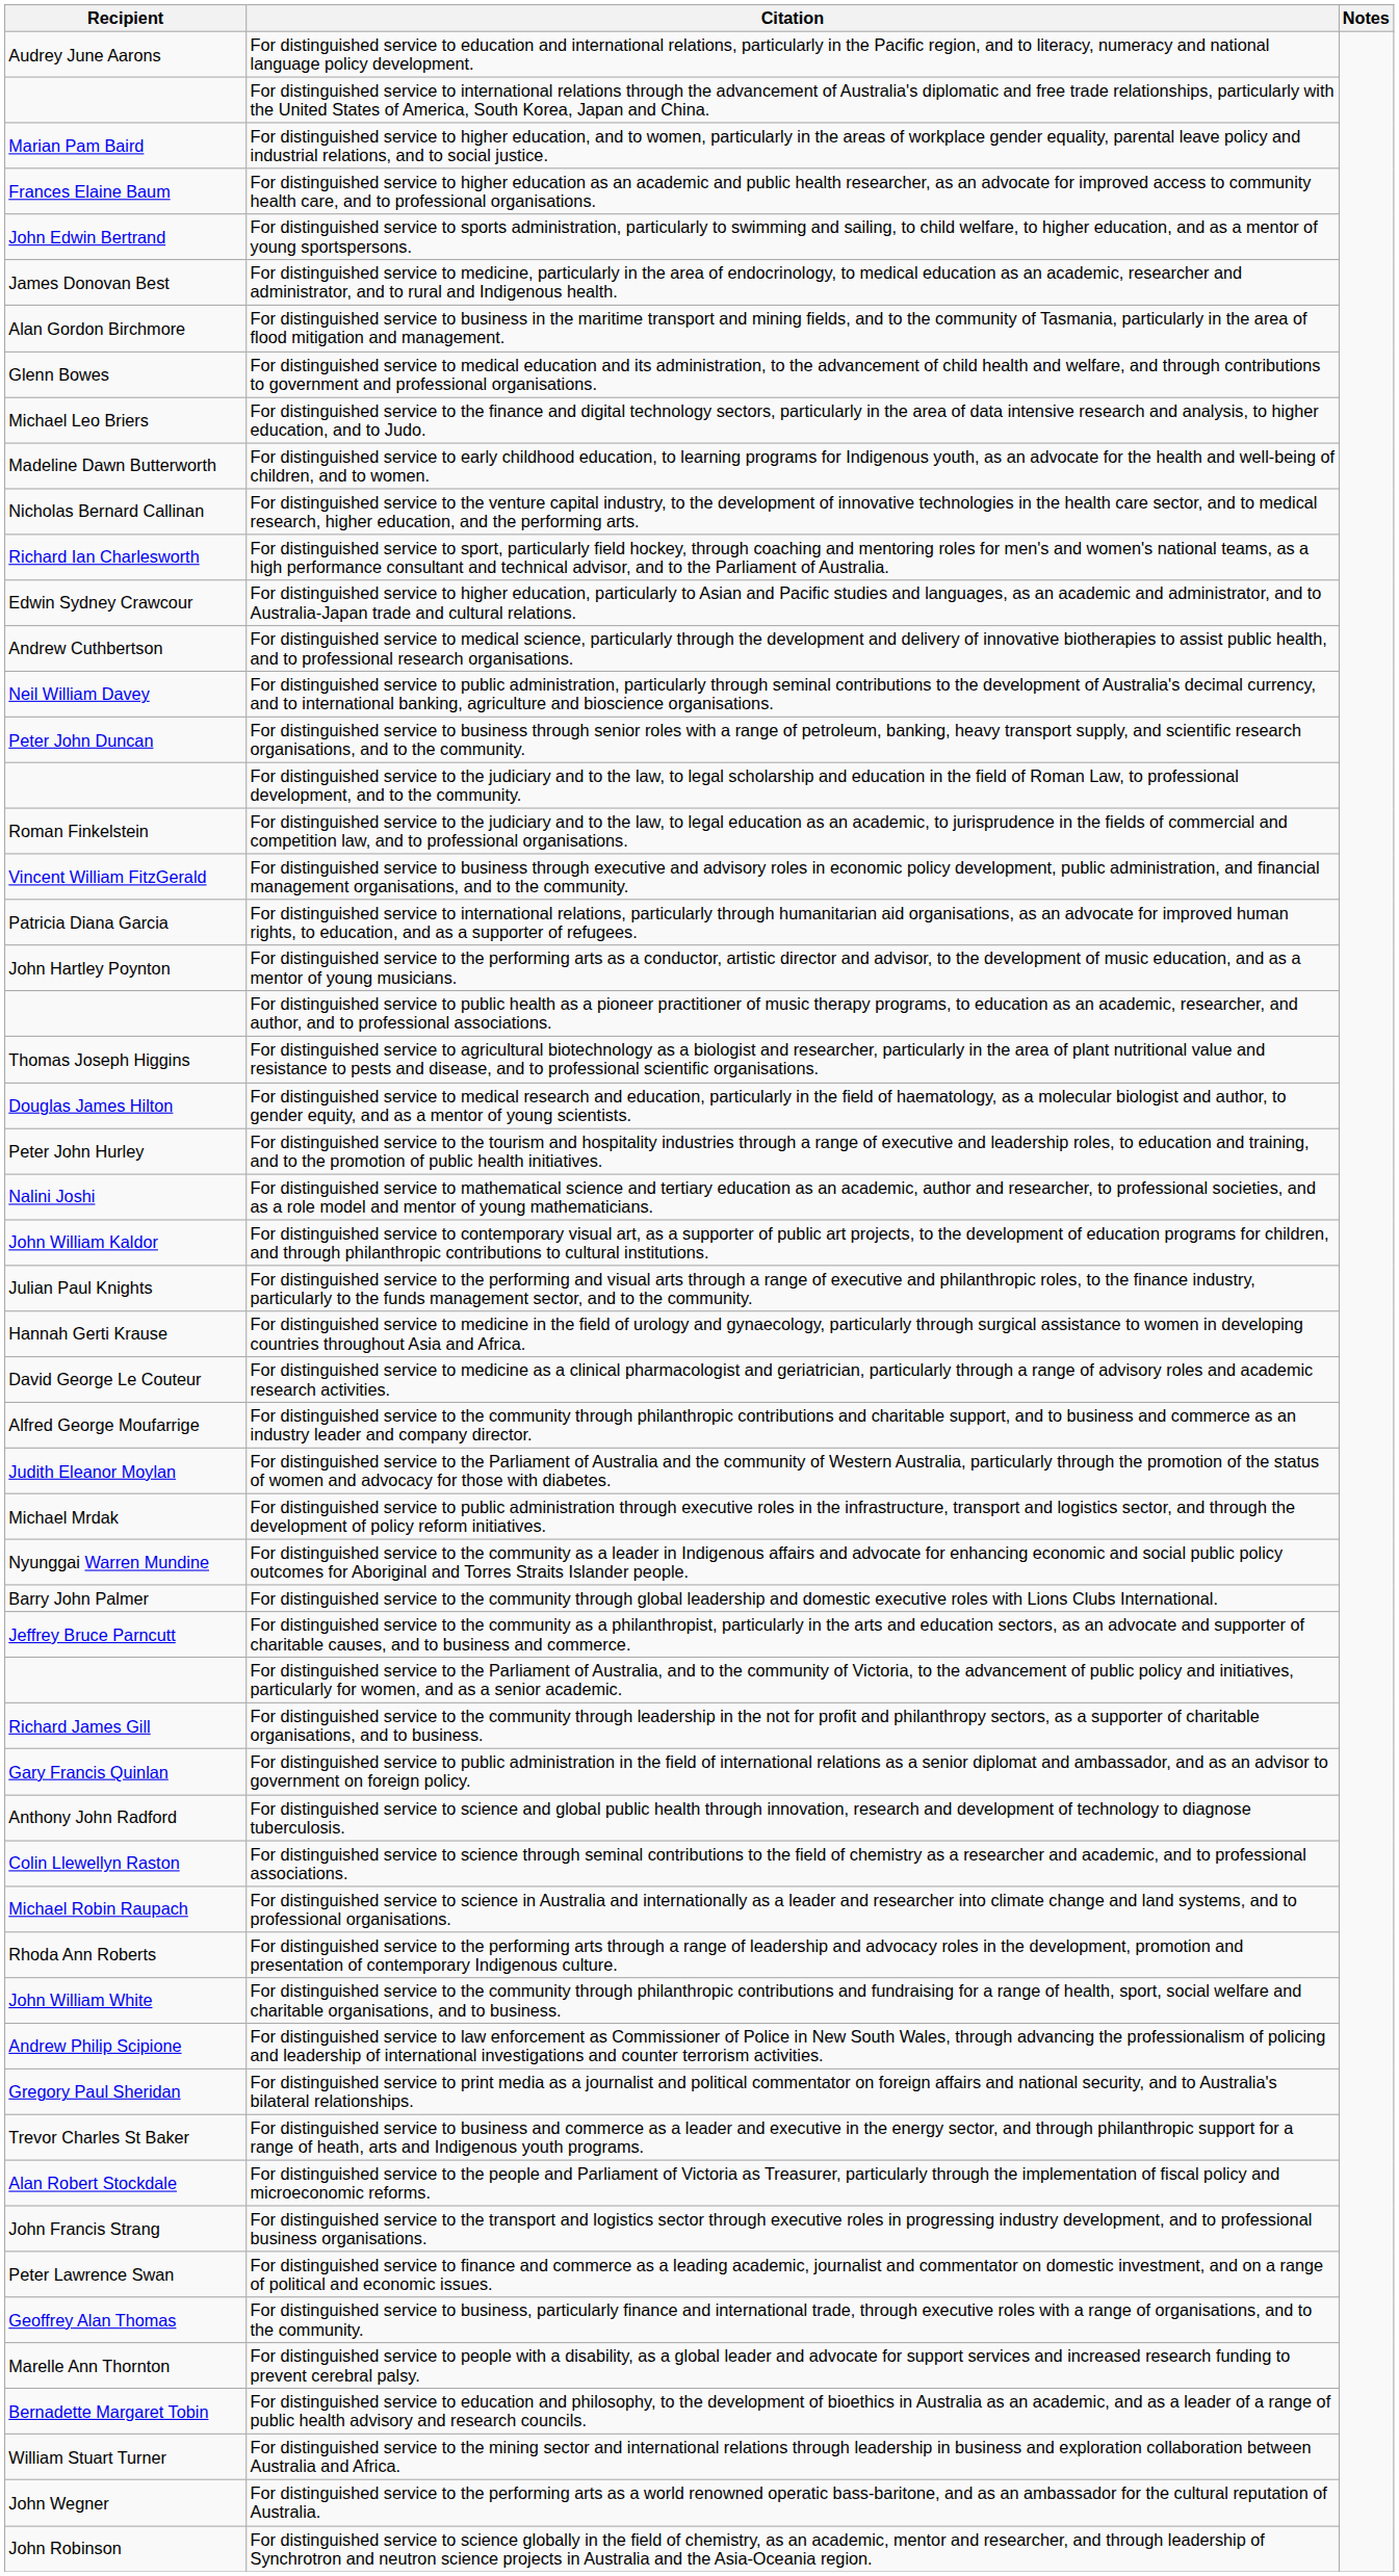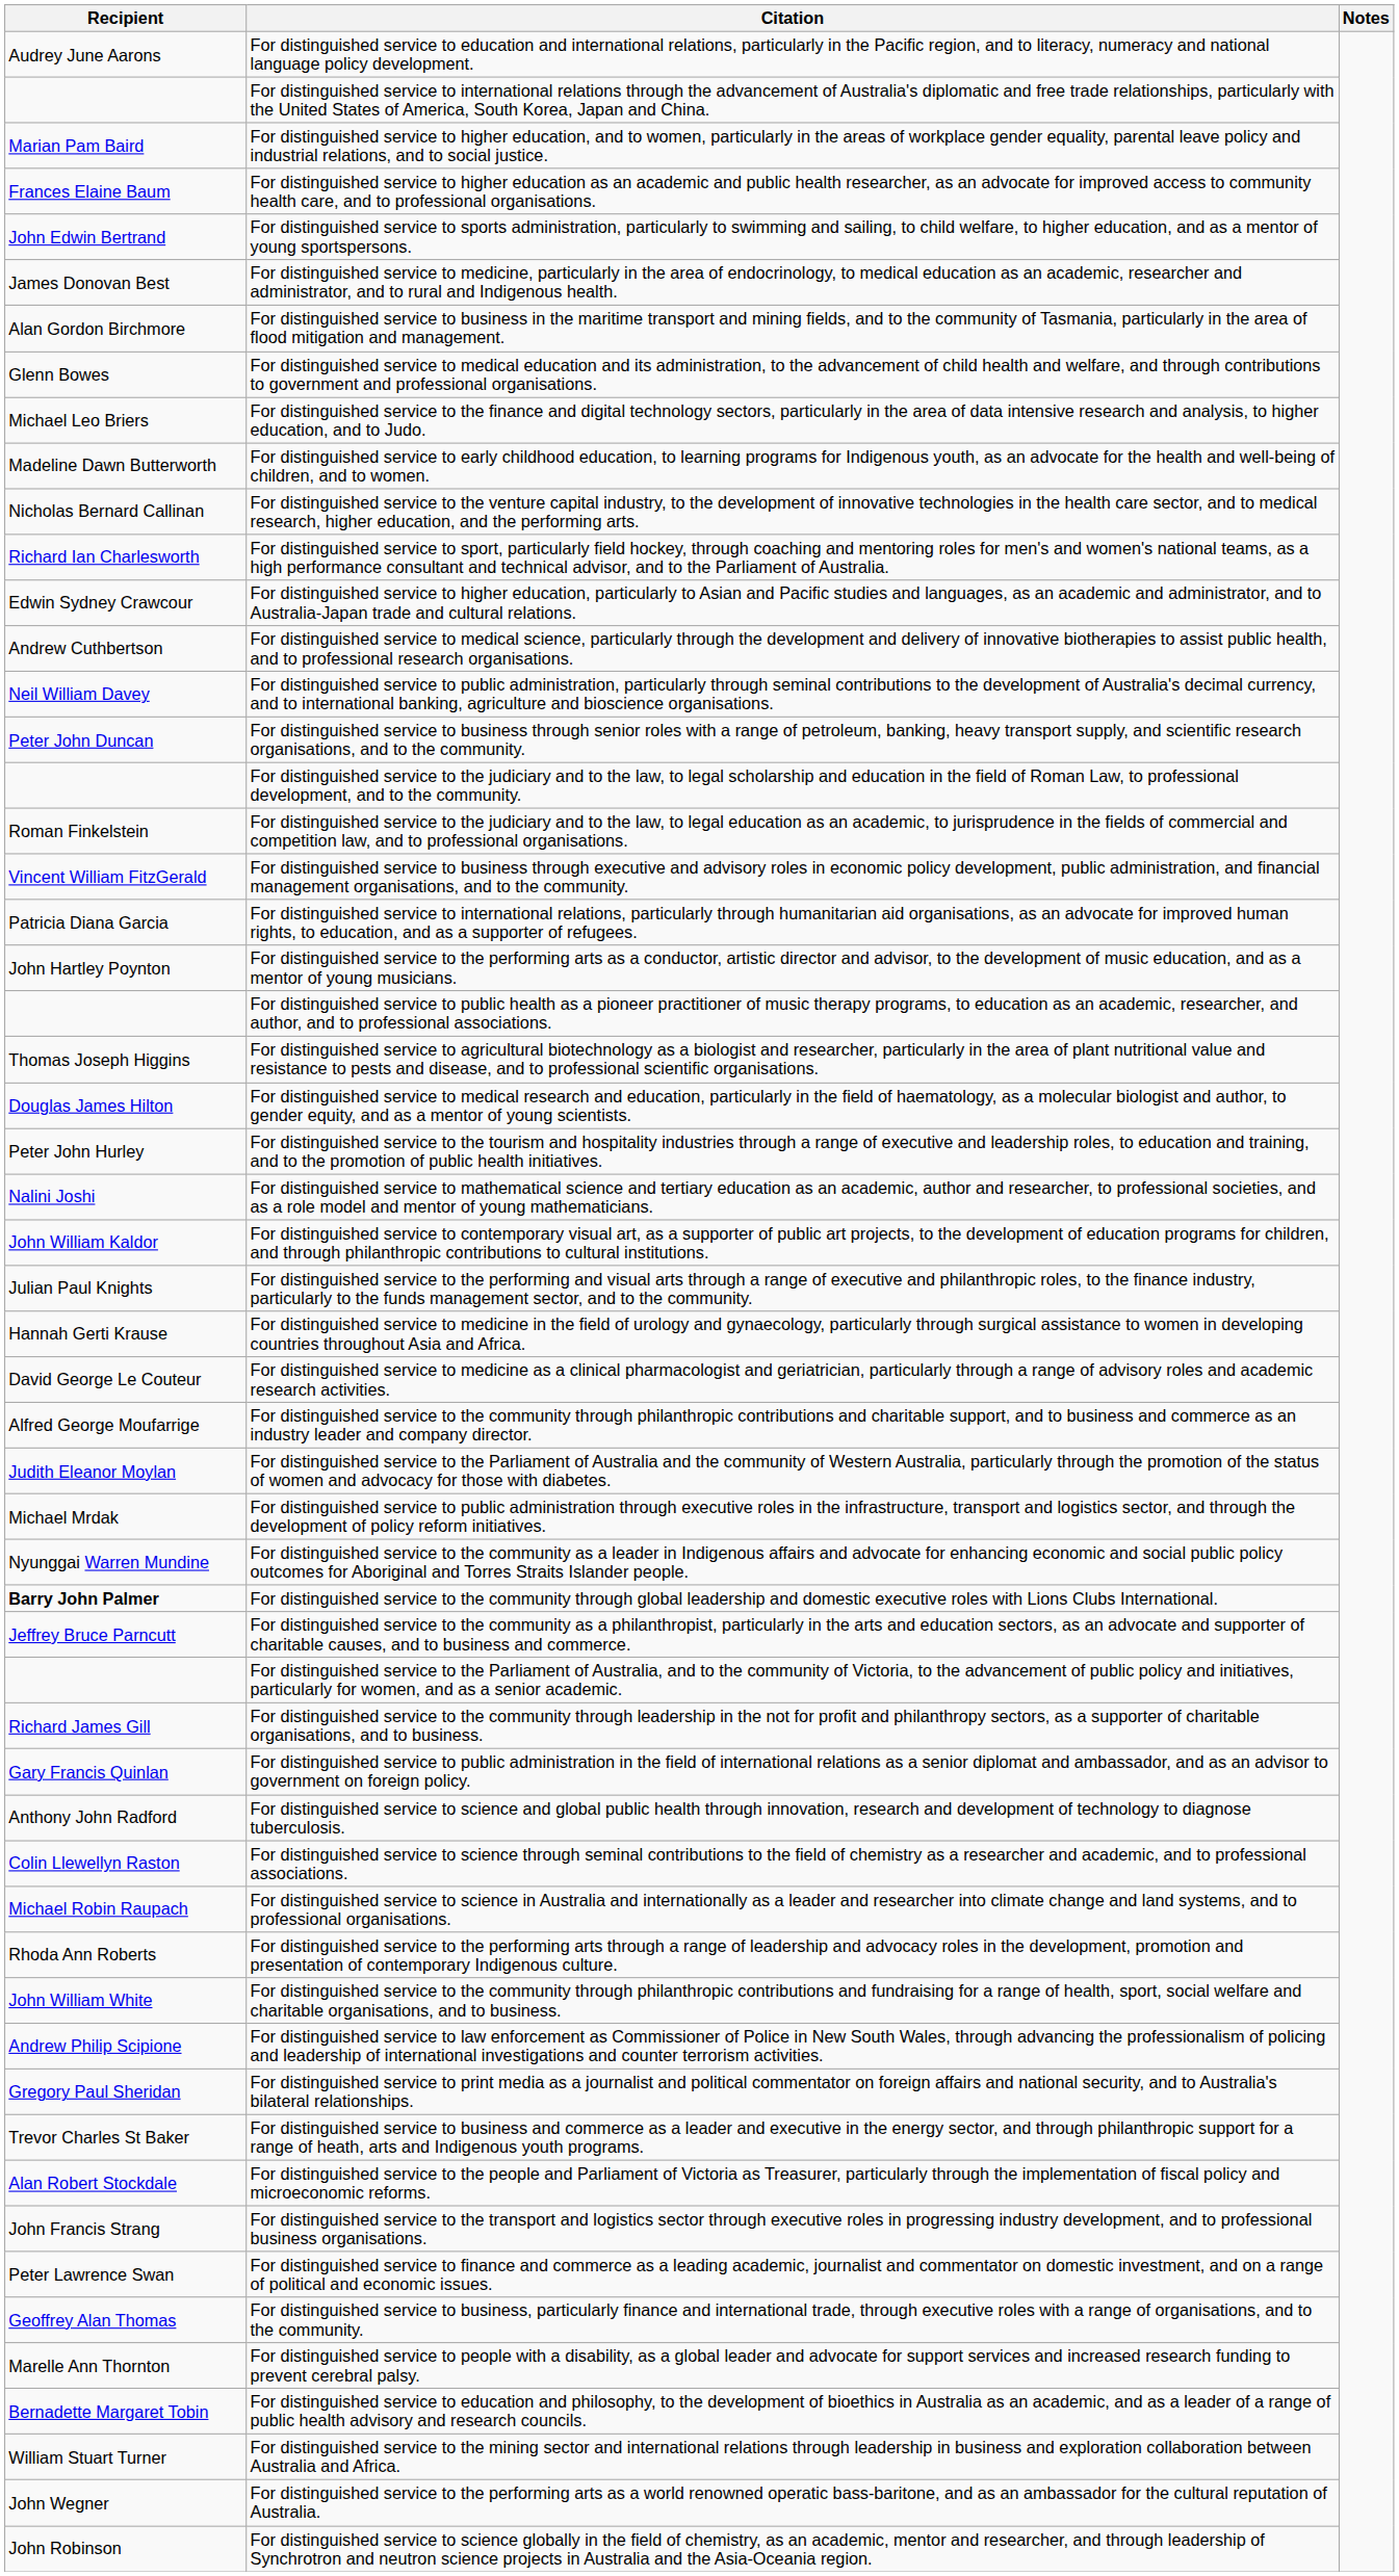 <table class="wikitable" style="font-size:95%;">
 <tr>
 <th width="210">Recipient</th>
 <th>Citation</th>
 <th>Notes</th>
 </tr>
 <tr>
 <td>Audrey June Aarons</td>
 <td>For distinguished service to education and international relations, particularly in the Pacific region, and to literacy, numeracy and national language policy development.</td>
 <td rowspan=56></td>
 </tr>
 <tr>
 <td></td>
 <td>For distinguished service to international relations through the advancement of Australia's diplomatic and free trade relationships, particularly with the United States of America, South Korea, Japan and China.</td>
 </tr>
 <tr>
 <td> <a href='#'>Marian Pam Baird</a></td>
 <td>For distinguished service to higher education, and to women, particularly in the areas of workplace gender equality, parental leave policy and industrial relations, and to social justice.</td>
 </tr>
 <tr>
 <td> <a href='#'>Frances Elaine Baum</a></td>
 <td>For distinguished service to higher education as an academic and public health researcher, as an advocate for improved access to community health care, and to professional organisations.</td>
 </tr>
 <tr>
 <td><a href='#'>John Edwin Bertrand</a> </td>
 <td>For distinguished service to sports administration, particularly to swimming and sailing, to child welfare, to higher education, and as a mentor of young sportspersons.</td>
 </tr>
 <tr>
 <td> James Donovan Best</td>
 <td>For distinguished service to medicine, particularly in the area of endocrinology, to medical education as an academic, researcher and administrator, and to rural and Indigenous health.</td>
 </tr>
 <tr>
 <td>Alan Gordon Birchmore</td>
 <td>For distinguished service to business in the maritime transport and mining fields, and to the community of Tasmania, particularly in the area of flood mitigation and management.</td>
 </tr>
 <tr>
 <td> Glenn Bowes</td>
 <td>For distinguished service to medical education and its administration, to the advancement of child health and welfare, and through contributions to government and professional organisations.</td>
 </tr>
 <tr>
 <td> Michael Leo Briers</td>
 <td>For distinguished service to the finance and digital technology sectors, particularly in the area of data intensive research and analysis, to higher education, and to Judo.</td>
 </tr>
 <tr>
 <td> Madeline Dawn Butterworth</td>
 <td>For distinguished service to early childhood education, to learning programs for Indigenous youth, as an advocate for the health and well-being of children, and to women.</td>
 </tr>
 <tr>
 <td>Nicholas Bernard Callinan</td>
 <td>For distinguished service to the venture capital industry, to the development of innovative technologies in the health care sector, and to medical research, higher education, and the performing arts.</td>
 </tr>
 <tr>
 <td> <a href='#'>Richard Ian Charlesworth</a> </td>
 <td>For distinguished service to sport, particularly field hockey, through coaching and mentoring roles for men's and women's national teams, as a high performance consultant and technical advisor, and to the Parliament of Australia.</td>
 </tr>
 <tr>
 <td> Edwin Sydney Crawcour</td>
 <td>For distinguished service to higher education, particularly to Asian and Pacific studies and languages, as an academic and administrator, and to Australia-Japan trade and cultural relations.</td>
 </tr>
 <tr>
 <td> Andrew Cuthbertson</td>
 <td>For distinguished service to medical science, particularly through the development and delivery of innovative biotherapies to assist public health, and to professional research organisations.</td>
 </tr>
 <tr>
 <td> <a href='#'>Neil William Davey</a></td>
 <td>For distinguished service to public administration, particularly through seminal contributions to the development of Australia's decimal currency, and to international banking, agriculture and bioscience organisations.</td>
 </tr>
 <tr>
 <td><a href='#'>Peter John Duncan</a></td>
 <td>For distinguished service to business through senior roles with a range of petroleum, banking, heavy transport supply, and scientific research organisations, and to the community.</td>
 </tr>
 <tr>
 <td></td>
 <td>For distinguished service to the judiciary and to the law, to legal scholarship and education in the field of Roman Law, to professional development, and to the community.</td>
 </tr>
 <tr>
 <td> Roman Finkelstein </td>
 <td>For distinguished service to the judiciary and to the law, to legal education as an academic, to  jurisprudence in the fields of commercial and competition law, and to professional organisations.</td>
 </tr>
 <tr>
 <td> <a href='#'>Vincent William FitzGerald</a></td>
 <td>For distinguished service to business through executive and advisory roles in economic policy development, public administration, and financial management organisations, and to the community.</td>
 </tr>
 <tr>
 <td>Patricia Diana Garcia</td>
 <td>For distinguished service to international relations, particularly through humanitarian aid organisations, as an advocate for improved human rights, to education, and as a supporter of refugees.</td>
 </tr>
 <tr>
 <td>John Hartley Poynton </td>
 <td>For distinguished service to the performing arts as a conductor, artistic director and advisor, to the development of music education, and as a mentor of young musicians.</td>
 </tr>
 <tr>
 <td></td>
 <td>For distinguished service to public health as a pioneer practitioner of music therapy programs, to education as an academic, researcher, and author, and to professional associations.</td>
 </tr>
 <tr>
 <td> Thomas Joseph Higgins</td>
 <td>For distinguished service to agricultural biotechnology as a biologist and researcher, particularly in the area of plant nutritional value and resistance to pests and disease, and to professional scientific organisations.</td>
 </tr>
 <tr>
 <td> <a href='#'>Douglas James Hilton</a></td>
 <td>For distinguished service to medical research and education, particularly in the field of haematology, as a molecular biologist and author, to gender equity, and as a mentor of young scientists.</td>
 </tr>
 <tr>
 <td>Peter John Hurley</td>
 <td>For distinguished service to the tourism and hospitality industries through a range of executive and leadership roles, to education and training, and to the promotion of public health initiatives.</td>
 </tr>
 <tr>
 <td> <a href='#'>Nalini Joshi</a></td>
 <td>For distinguished service to mathematical science and tertiary education as an academic, author and researcher, to professional societies, and as a role model and mentor of young mathematicians.</td>
 </tr>
 <tr>
 <td><a href='#'>John William Kaldor</a> </td>
 <td>For distinguished service to contemporary visual art, as a supporter of public art projects, to the development of education programs for children, and through philanthropic contributions to cultural institutions.</td>
 </tr>
 <tr>
 <td>Julian Paul Knights</td>
 <td>For distinguished service to the performing and visual arts through a range of executive and philanthropic roles, to the finance industry, particularly to the funds management sector, and to the community.</td>
 </tr>
 <tr>
 <td> Hannah Gerti Krause</td>
 <td>For distinguished service to medicine in the field of urology and gynaecology, particularly through surgical assistance to women in developing countries throughout Asia and Africa.</td>
 </tr>
 <tr>
 <td> David George Le Couteur</td>
 <td>For distinguished service to medicine as a clinical pharmacologist and geriatrician, particularly through a range of advisory roles and academic research activities.</td>
 </tr>
 <tr>
 <td>Alfred George Moufarrige </td>
 <td>For distinguished service to the community through philanthropic contributions and charitable support, and to business and commerce as an industry leader and company director.</td>
 </tr>
 <tr>
 <td> <a href='#'>Judith Eleanor Moylan</a></td>
 <td>For distinguished service to the Parliament of Australia and the community of Western Australia, particularly through the promotion of the status of women and advocacy for those with diabetes.</td>
 </tr>
 <tr>
 <td>Michael Mrdak</td>
 <td>For distinguished service to public administration through executive roles in the infrastructure, transport and logistics sector, and through the development of policy reform initiatives.</td>
 </tr>
 <tr>
 <td>Nyunggai <a href='#'>Warren Mundine</a></td>
 <td>For distinguished service to the community as a leader in Indigenous affairs and advocate for enhancing economic and social public policy outcomes for Aboriginal and Torres Straits Islander people.</td>
 </tr>
 <tr>
-<td>Barry John Palmer </td>
+<td><strong>Barry John Palmer </strong></td>
 <td>For distinguished service to the community through global leadership and domestic executive roles with Lions Clubs International.</td>
 </tr>
 <tr>
 <td><a href='#'>Jeffrey Bruce Parncutt</a></td>
 <td>For distinguished service to the community as a philanthropist, particularly in the arts and education sectors, as an advocate and supporter of charitable causes, and to business and commerce.</td>
 </tr>
 <tr>
 <td></td>
 <td>For distinguished service to the Parliament of Australia, and to the community of Victoria, to the advancement of public policy and initiatives, particularly for women, and as a senior academic.</td>
 </tr>
 <tr>
 <td><a href='#'>Richard James Gill</a> </td>
 <td>For distinguished service to the community through leadership in the not for profit and philanthropy sectors, as a supporter of charitable organisations, and to business.</td>
 </tr>
 <tr>
 <td><a href='#'>Gary Francis Quinlan</a></td>
 <td>For distinguished service to public administration in the field of international relations as a senior diplomat and ambassador, and as an advisor to government on foreign policy.</td>
 </tr>
 <tr>
 <td> Anthony John Radford</td>
 <td>For distinguished service to science and global public health through innovation, research and development of technology to diagnose tuberculosis.</td>
 </tr>
 <tr>
 <td> <a href='#'>Colin Llewellyn Raston</a></td>
 <td>For distinguished service to science through seminal contributions to the field of chemistry as a researcher and academic, and to professional associations.</td>
 </tr>
 <tr>
 <td> <a href='#'>Michael Robin Raupach</a></td>
 <td>For distinguished service to science in Australia and internationally as a leader and researcher into climate change and land systems, and to professional organisations.</td>
 </tr>
 <tr>
 <td>Rhoda Ann Roberts</td>
 <td>For distinguished service to the performing arts through a range of leadership and advocacy roles in the development, promotion and presentation of contemporary Indigenous culture.</td>
 </tr>
 <tr>
 <td> <a href='#'>John William White</a></td>
 <td>For distinguished service to the community through philanthropic contributions and fundraising for a range of health, sport, social welfare and charitable organisations, and to business.</td>
 </tr>
 <tr>
 <td> <a href='#'>Andrew Philip Scipione</a> </td>
 <td>For distinguished service to law enforcement as Commissioner of Police in New South Wales, through advancing the professionalism of policing and leadership of international investigations and counter terrorism activities.</td>
 </tr>
 <tr>
 <td><a href='#'>Gregory Paul Sheridan</a></td>
 <td>For distinguished service to print media as a journalist and political commentator on foreign affairs and national security, and to Australia's bilateral relationships.</td>
 </tr>
 <tr>
 <td>Trevor Charles St Baker</td>
 <td>For distinguished service to business and commerce as a leader and executive in the energy sector, and through philanthropic support for a range of heath, arts and Indigenous youth programs.</td>
 </tr>
 <tr>
 <td> <a href='#'>Alan Robert Stockdale</a></td>
 <td>For distinguished service to the people and Parliament of Victoria as Treasurer, particularly through the implementation of fiscal policy and microeconomic reforms.</td>
 </tr>
 <tr>
 <td>John Francis Strang</td>
 <td>For distinguished service to the transport and logistics sector through executive roles in progressing industry development, and to professional business organisations.</td>
 </tr>
 <tr>
 <td> Peter Lawrence Swan </td>
 <td>For distinguished service to finance and commerce as a leading academic, journalist and commentator on domestic investment, and on a range of political and economic issues.</td>
 </tr>
 <tr>
 <td><a href='#'>Geoffrey Alan Thomas</a></td>
 <td>For distinguished service to business, particularly finance and international trade, through executive roles with a range of organisations, and to the community.</td>
 </tr>
 <tr>
 <td>Marelle Ann Thornton </td>
 <td>For distinguished service to people with a disability, as a global leader and advocate for support services and increased research funding to prevent cerebral palsy.</td>
 </tr>
 <tr>
 <td><a href='#'> Bernadette Margaret Tobin</a></td>
 <td>For distinguished service to education and philosophy, to the development of bioethics in Australia as an academic, and as a leader of a range of public health advisory and research councils.</td>
 </tr>
 <tr>
 <td>William Stuart Turner</td>
 <td>For distinguished service to the mining sector and international relations through leadership in business and exploration collaboration between Australia and Africa.</td>
 </tr>
 <tr>
 <td>John Wegner</td>
 <td>For distinguished service to the performing arts as a world renowned operatic bass-baritone, and as an ambassador for the cultural reputation of Australia.</td>
 </tr>
 <tr>
 <td>John Robinson</td>
 <td>For distinguished service to science globally in the field of chemistry, as an academic, mentor and researcher, and through leadership of Synchrotron and neutron science projects in Australia and the Asia-Oceania region.</td>
 </tr>
 </table>
